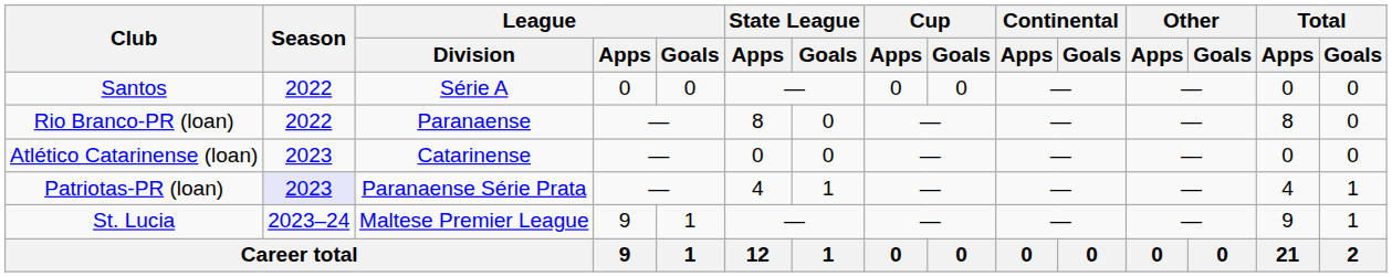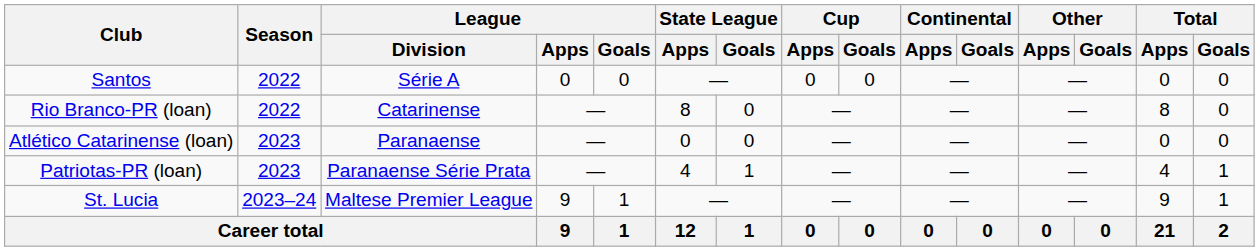 <table class="wikitable" style="text-align: center;">
 <tr>
 <th rowspan="2">Club</th>
 <th rowspan="2">Season</th>
 <th colspan="3">League</th>
 <th colspan="2">State League</th>
 <th colspan="2">Cup</th>
 <th colspan="2">Continental</th>
 <th colspan="2">Other</th>
 <th colspan="2">Total</th>
 </tr>
 <tr>
 <th>Division</th>
 <th>Apps</th>
 <th>Goals</th>
 <th>Apps</th>
 <th>Goals</th>
 <th>Apps</th>
 <th>Goals</th>
 <th>Apps</th>
 <th>Goals</th>
 <th>Apps</th>
 <th>Goals</th>
 <th>Apps</th>
 <th>Goals</th>
 </tr>
 <tr>
 <td valign="center"><a href='#'>Santos</a></td>
 <td><a href='#'>2022</a></td>
 <td><a href='#'>Série A</a></td>
 <td>0</td>
 <td>0</td>
 <td colspan="2">—</td>
 <td>0</td>
 <td>0</td>
 <td colspan="2">—</td>
 <td colspan="2">—</td>
 <td>0</td>
 <td>0</td>
 </tr>
 <tr>
 <td valign="center"><a href='#'>Rio Branco-PR</a> (loan)</td>
 <td><a href='#'>2022</a></td>
-<td><a href='#'>Paranaense</a></td>
+<td><a href='#'>Catarinense</a></td>
 <td colspan="2">—</td>
 <td>8</td>
 <td>0</td>
 <td colspan="2">—</td>
 <td colspan="2">—</td>
 <td colspan="2">—</td>
 <td>8</td>
 <td>0</td>
 </tr>
 <tr>
 <td valign="center"><a href='#'>Atlético Catarinense</a> (loan)</td>
 <td><a href='#'>2023</a></td>
-<td><a href='#'>Catarinense</a></td>
+<td><a href='#'>Paranaense</a></td>
 <td colspan="2">—</td>
 <td>0</td>
 <td>0</td>
 <td colspan="2">—</td>
 <td colspan="2">—</td>
 <td colspan="2">—</td>
 <td>0</td>
 <td>0</td>
 </tr>
 <tr>
 <td valign="center"><a href='#'>Patriotas-PR</a> (loan)</td>
-<td style="background: lavender;"><a href='#'>2023</a></td>
+<td><a href='#'>2023</a></td>
 <td><a href='#'>Paranaense Série Prata</a></td>
 <td colspan="2">—</td>
 <td>4</td>
 <td>1</td>
 <td colspan="2">—</td>
 <td colspan="2">—</td>
 <td colspan="2">—</td>
 <td>4</td>
 <td>1</td>
 </tr>
 <tr>
 <td><a href='#'>St. Lucia</a></td>
 <td><a href='#'>2023–24</a></td>
 <td><a href='#'>Maltese Premier League</a></td>
 <td>9</td>
 <td>1</td>
 <td colspan="2">—</td>
 <td colspan="2">—</td>
 <td colspan="2">—</td>
 <td colspan="2">—</td>
 <td>9</td>
 <td>1</td>
 </tr>
 <tr>
 <th colspan="3"><strong>Career total</strong></th>
 <th>9</th>
 <th>1</th>
 <th>12</th>
 <th>1</th>
 <th>0</th>
 <th>0</th>
 <th>0</th>
 <th>0</th>
 <th>0</th>
 <th>0</th>
 <th>21</th>
 <th>2</th>
 </tr>
 </table>
